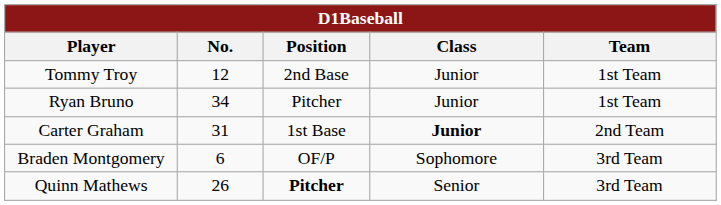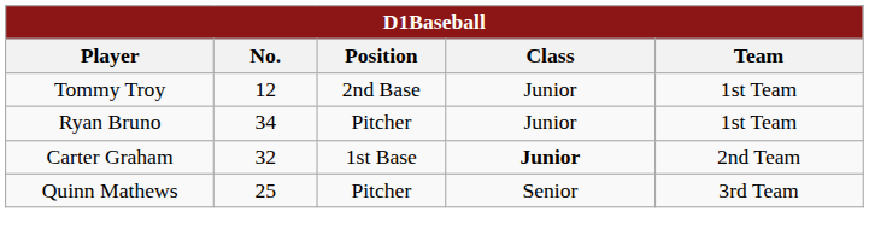 <table class="wikitable" style="text-align:center">
 <tr>
 <td colspan="5" style= "background: #8C1515; color:white"><strong>D1Baseball</strong></td>
 </tr>
 <tr>
 <th style="width:150px; ">Player</th>
 <th style="width:70px; ">No.</th>
 <th style="width:90px; ">Position</th>
 <th style="width:150px; ">Class</th>
 <th style="width:150px; ">Team</th>
 </tr>
 <tr>
 <td>Tommy Troy</td>
 <td>12</td>
 <td>2nd Base</td>
 <td>Junior</td>
 <td>1st Team</td>
 </tr>
 <tr>
 <td>Ryan Bruno</td>
 <td>34</td>
 <td>Pitcher</td>
 <td>Junior</td>
 <td>1st Team</td>
 </tr>
 <tr>
 <td>Carter Graham</td>
-<td>31</td>
+<td>32</td>
 <td>1st Base</td>
 <td><strong>Junior</strong></td>
 <td>2nd Team</td>
 </tr>
 <tr>
-<td>Braden Montgomery</td>
-<td>6</td>
-<td>OF/P</td>
-<td>Sophomore</td>
-<td>3rd Team</td>
-</tr>
-<tr>
 <td>Quinn Mathews</td>
-<td>26</td>
-<td><strong>Pitcher</strong></td>
+<td>25</td>
+<td>Pitcher</td>
 <td>Senior</td>
 <td>3rd Team</td>
 </tr>
 </table>
